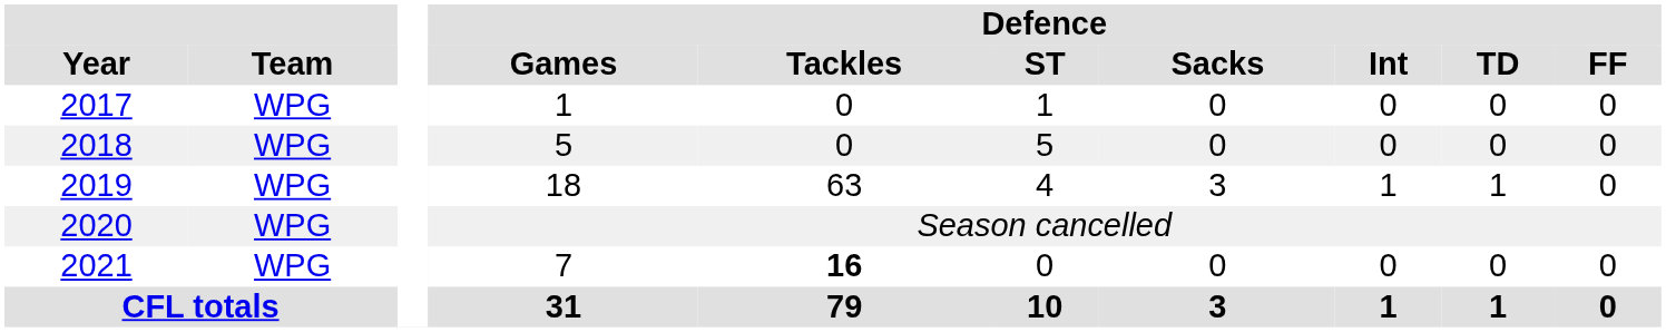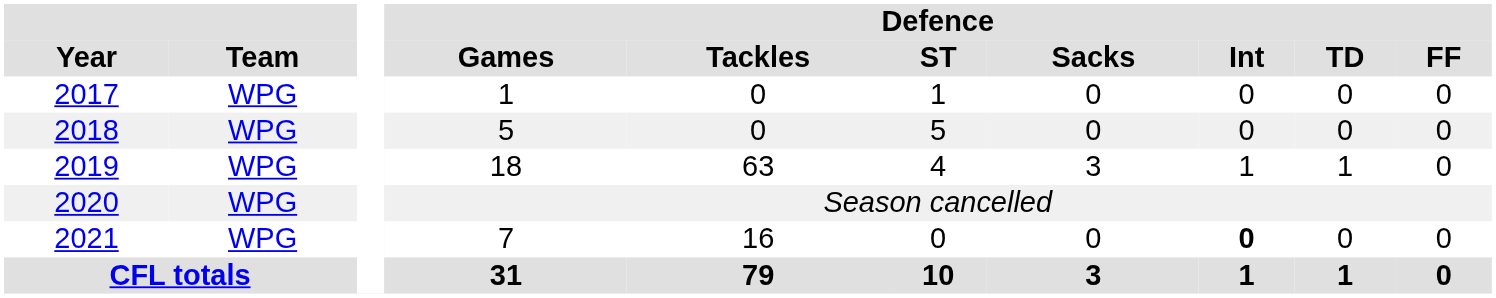 <table BORDER="0" CELLPADDING="1" CELLSPACING="0" width="65%" style="text-align:center">
 <tr bgcolor="#e0e0e0">
 <th colspan="2"></th>
 <th rowspan="100" bgcolor="#ffffff"> </th>
 <th colspan="7">Defence</th>
 </tr>
 <tr bgcolor="#e0e0e0">
 <th>Year</th>
 <th>Team</th>
 <th>Games</th>
 <th>Tackles</th>
 <th>ST</th>
 <th>Sacks</th>
 <th>Int</th>
 <th>TD</th>
 <th>FF</th>
 </tr>
 <tr>
 <td><a href='#'>2017</a></td>
 <td><a href='#'>WPG</a></td>
 <td>1</td>
 <td>0</td>
 <td>1</td>
 <td>0</td>
 <td>0</td>
 <td>0</td>
 <td>0</td>
 </tr>
 <tr ALIGN="center" bgcolor="#f0f0f0">
 <td><a href='#'>2018</a></td>
 <td><a href='#'>WPG</a></td>
 <td>5</td>
 <td>0</td>
 <td>5</td>
 <td>0</td>
 <td>0</td>
 <td>0</td>
 <td>0</td>
 </tr>
 <tr>
 <td><a href='#'>2019</a></td>
 <td><a href='#'>WPG</a></td>
 <td>18</td>
 <td>63</td>
 <td>4</td>
 <td>3</td>
 <td>1</td>
 <td>1</td>
 <td>0</td>
 </tr>
 <tr ALIGN="center" bgcolor="#f0f0f0">
 <td><a href='#'>2020</a></td>
 <td><a href='#'>WPG</a></td>
 <td colspan="10"><em>Season cancelled</em></td>
 </tr>
 <tr ALIGN="center">
 <td><a href='#'>2021</a></td>
 <td><a href='#'>WPG</a></td>
 <td>7</td>
-<td><strong>16</strong></td>
+<td>16</td>
 <td>0</td>
 <td>0</td>
-<td>0</td>
+<td><strong>0</strong></td>
 <td>0</td>
 <td>0</td>
 </tr>
 <tr bgcolor="#e0e0e0">
 <th colspan="2"><a href='#'>CFL totals</a></th>
 <th>31</th>
 <th>79</th>
 <th>10</th>
 <th>3</th>
 <th>1</th>
 <th>1</th>
 <th>0</th>
 </tr>
 </table>
